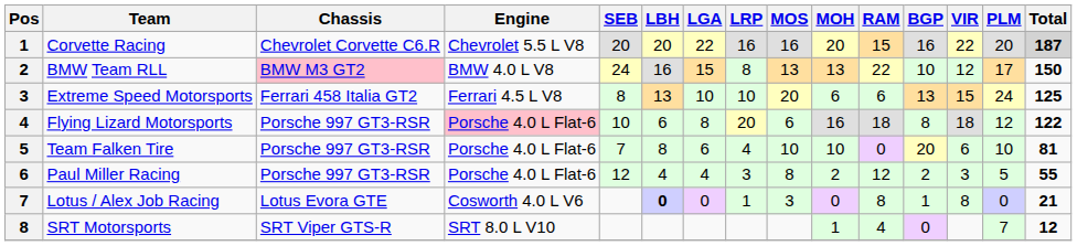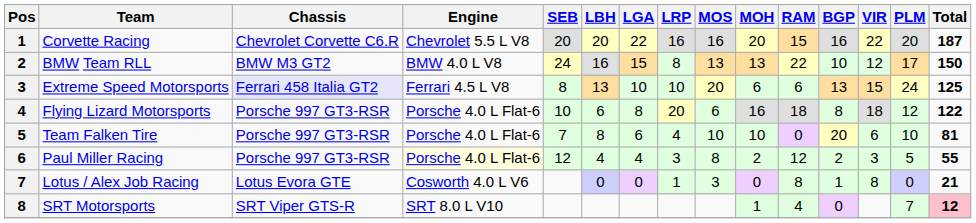 <table class="wikitable" style="font-size: 90%; text-align:center;">
 <tr>
 <th>Pos</th>
 <th>Team</th>
 <th>Chassis</th>
 <th>Engine</th>
 <th><a href='#'>SEB</a></th>
 <th><a href='#'>LBH</a></th>
 <th><a href='#'>LGA</a></th>
 <th><a href='#'>LRP</a></th>
 <th><a href='#'>MOS</a></th>
 <th><a href='#'>MOH</a></th>
 <th><a href='#'>RAM</a></th>
 <th><a href='#'>BGP</a></th>
 <th><a href='#'>VIR</a></th>
 <th><a href='#'>PLM</a></th>
 <th>Total</th>
 </tr>
 <tr>
 <th>1</th>
 <td align=left> <a href='#'>Corvette Racing</a></td>
 <td align=left><a href='#'>Chevrolet Corvette C6.R</a></td>
 <td align=left><a href='#'>Chevrolet</a> 5.5 L V8</td>
 <td style="background:#DFDFDF;”">20</td>
 <td style="background:#FFFFBF;”">20</td>
 <td style="background:#FFFFBF;”">22</td>
 <td style="background:#DFDFDF;”">16</td>
 <td style="background:#DFDFDF;”">16</td>
 <td style="background:#FFFFBF;”">20</td>
 <td style="background:#FFDF9F;”">15</td>
 <td style="background:#DFDFDF;”">16</td>
 <td style="background:#FFFFBF;”">22</td>
 <td style="background:#DFDFDF;”">20</td>
-<td style="background: lightgrey;"><strong>187</strong></td>
+<td><strong>187</strong></td>
 </tr>
 <tr>
 <th>2</th>
 <td align=left> <a href='#'>BMW</a> <a href='#'>Team RLL</a></td>
-<td align=left style="background: pink;"><a href='#'>BMW M3 GT2</a></td>
+<td align=left><a href='#'>BMW M3 GT2</a></td>
 <td align=left><a href='#'>BMW</a> 4.0 L V8</td>
 <td style="background:#FFFFBF;”">24</td>
 <td style="background:#DFDFDF;”">16</td>
 <td style="background:#FFDF9F;”">15</td>
 <td style="background:#DFFFDF;">8</td>
 <td style="background:#FFDF9F;”">13</td>
 <td style="background:#FFDF9F;”">13</td>
 <td style="background:#FFFFBF;”">22</td>
 <td style="background:#DFFFDF;">10</td>
 <td style="background:#DFFFDF;">12</td>
 <td style="background:#FFDF9F;”">17</td>
 <td><strong>150</strong></td>
 </tr>
 <tr>
 <th>3</th>
 <td align=left> <a href='#'>Extreme Speed Motorsports</a></td>
-<td align=left><a href='#'>Ferrari 458 Italia GT2</a></td>
+<td align=left style="background: lavender;"><a href='#'>Ferrari 458 Italia GT2</a></td>
 <td align=left><a href='#'>Ferrari</a> 4.5 L V8</td>
 <td style="background:#DFFFDF;">8</td>
 <td style="background:#FFDF9F;”">13</td>
 <td style="background:#DFFFDF;">10</td>
 <td style="background:#DFFFDF;">10</td>
 <td style="background:#FFFFBF;”">20</td>
 <td style="background:#DFFFDF;">6</td>
 <td style="background:#DFFFDF;">6</td>
 <td style="background:#FFDF9F;”">13</td>
 <td style="background:#FFDF9F;”">15</td>
 <td style="background:#FFFFBF;”">24</td>
 <td><strong>125</strong></td>
 </tr>
 <tr>
 <th>4</th>
 <td align=left> <a href='#'>Flying Lizard Motorsports</a></td>
 <td align=left><a href='#'>Porsche 997 GT3-RSR</a></td>
-<td align=left style="background: pink;"><a href='#'>Porsche</a> 4.0 L Flat-6</td>
+<td align=left><a href='#'>Porsche</a> 4.0 L Flat-6</td>
 <td style="background:#DFFFDF;">10</td>
 <td style="background:#DFFFDF;">6</td>
 <td style="background:#DFFFDF;">8</td>
 <td style="background:#FFFFBF;”">20</td>
 <td style="background:#DFFFDF;">6</td>
 <td style="background:#DFDFDF;”">16</td>
 <td style="background:#DFDFDF;”">18</td>
 <td style="background:#DFFFDF;">8</td>
 <td style="background:#DFDFDF;”">18</td>
 <td style="background:#DFFFDF;">12</td>
 <td><strong>122</strong></td>
 </tr>
 <tr>
 <th>5</th>
 <td align=left> <a href='#'>Team Falken Tire</a></td>
 <td align=left><a href='#'>Porsche 997 GT3-RSR</a></td>
 <td align=left><a href='#'>Porsche</a> 4.0 L Flat-6</td>
 <td style="background:#DFFFDF;">7</td>
 <td style="background:#DFFFDF;">8</td>
 <td style="background:#DFFFDF;">6</td>
 <td style="background:#DFFFDF;">4</td>
 <td style="background:#DFFFDF;">10</td>
 <td style="background:#DFFFDF;">10</td>
 <td style="background:#EFCFFF;">0</td>
 <td style="background:#FFFFBF;”">20</td>
 <td style="background:#DFFFDF;">6</td>
 <td style="background:#DFFFDF;">10</td>
 <td><strong>81</strong></td>
 </tr>
 <tr>
 <th>6</th>
 <td align=left> <a href='#'>Paul Miller Racing</a></td>
 <td align=left><a href='#'>Porsche 997 GT3-RSR</a></td>
-<td align=left><a href='#'>Porsche</a> 4.0 L Flat-6</td>
+<td align=left style="background: lightyellow;"><a href='#'>Porsche</a> 4.0 L Flat-6</td>
 <td style="background:#DFFFDF;">12</td>
 <td style="background:#DFFFDF;">4</td>
 <td style="background:#DFFFDF;">4</td>
 <td style="background:#DFFFDF;">3</td>
 <td style="background:#DFFFDF;">8</td>
 <td style="background:#DFFFDF;">2</td>
 <td style="background:#DFFFDF;">12</td>
 <td style="background:#DFFFDF;">2</td>
 <td style="background:#DFFFDF;">3</td>
 <td style="background:#DFFFDF;">5</td>
 <td><strong>55</strong></td>
 </tr>
 <tr>
 <th>7</th>
 <td align=left> <a href='#'>Lotus / Alex Job Racing</a></td>
 <td align=left><a href='#'>Lotus Evora GTE</a></td>
 <td align=left><a href='#'>Cosworth</a> 4.0 L V6</td>
 <td></td>
-<td style="background:#CFCFFF;”"><strong>0</strong></td>
+<td style="background:#CFCFFF;”">0</td>
 <td style="background:#EFCFFF;">0</td>
 <td style="background:#DFFFDF;">1</td>
 <td style="background:#DFFFDF;">3</td>
 <td style="background:#EFCFFF;">0</td>
 <td style="background:#DFFFDF;">8</td>
 <td style="background:#DFFFDF;">1</td>
 <td style="background:#DFFFDF;">8</td>
 <td style="background:#CFCFFF;”">0</td>
 <td><strong>21</strong></td>
 </tr>
 <tr>
 <th>8</th>
 <td align=left> <a href='#'>SRT Motorsports</a></td>
 <td align=left><a href='#'>SRT Viper GTS-R</a></td>
 <td align=left><a href='#'>SRT</a> 8.0 L V10</td>
 <td></td>
 <td></td>
 <td></td>
 <td></td>
 <td></td>
 <td style="background:#DFFFDF;">1</td>
 <td style="background:#DFFFDF;">4</td>
 <td style="background:#EFCFFF;">0</td>
 <td></td>
 <td style="background:#DFFFDF;">7</td>
-<td><strong>12</strong></td>
+<td style="background: pink;"><strong>12</strong></td>
 </tr>
 <tr>
 </tr>
 </table>
